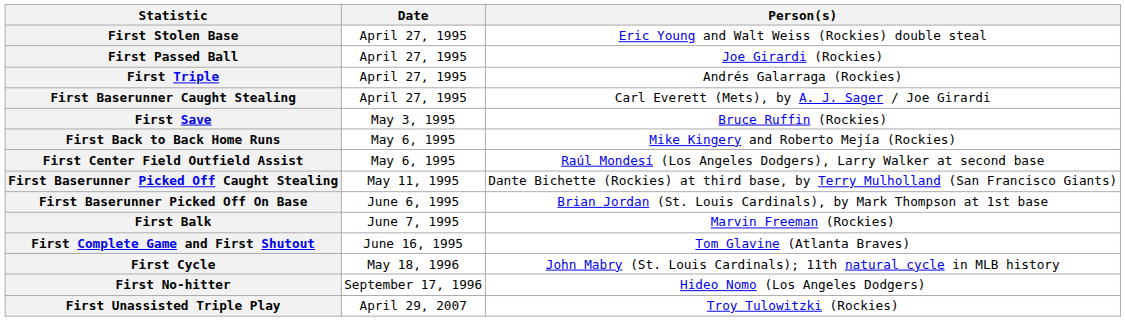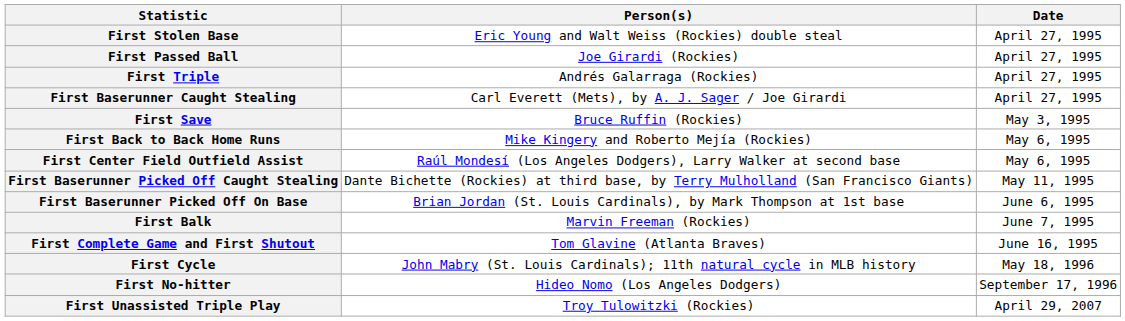 <table class="wikitable" align=center style="margin-left:15px; text-align:center; background:#ffffff;">
 <tr>
 <th>Statistic</th>
+<th>Person(s)</th>
 <th>Date</th>
-<th>Person(s)</th>
 </tr>
 <tr>
 <th>First Stolen Base</th>
+<td><a href='#'>Eric Young</a> and Walt Weiss (Rockies) double steal</td>
 <td>April 27, 1995</td>
-<td><a href='#'>Eric Young</a> and Walt Weiss (Rockies) double steal</td>
 </tr>
 <tr>
 <th>First Passed Ball</th>
+<td><a href='#'>Joe Girardi</a> (Rockies)</td>
 <td>April 27, 1995</td>
-<td><a href='#'>Joe Girardi</a> (Rockies)</td>
 </tr>
 <tr>
 <th>First <a href='#'><span>Triple</span></a></th>
+<td>Andrés Galarraga (Rockies)</td>
 <td>April 27, 1995</td>
-<td>Andrés Galarraga (Rockies)</td>
 </tr>
 <tr>
 <th>First Baserunner Caught Stealing</th>
+<td>Carl Everett (Mets), by <a href='#'>A. J. Sager</a> / Joe Girardi</td>
 <td>April 27, 1995</td>
-<td>Carl Everett (Mets), by <a href='#'>A. J. Sager</a> / Joe Girardi</td>
 </tr>
 <tr>
 <th>First <a href='#'>Save</a></th>
+<td><a href='#'>Bruce Ruffin</a> (Rockies)</td>
 <td>May 3, 1995</td>
-<td><a href='#'>Bruce Ruffin</a> (Rockies)</td>
 </tr>
 <tr>
 <th>First Back to Back Home Runs</th>
+<td><a href='#'>Mike Kingery</a> and Roberto Mejía (Rockies)</td>
 <td>May 6, 1995</td>
-<td><a href='#'>Mike Kingery</a> and Roberto Mejía (Rockies)</td>
 </tr>
 <tr>
 <th>First Center Field Outfield Assist</th>
+<td><a href='#'>Raúl Mondesí</a> (Los Angeles Dodgers), Larry Walker at second base</td>
 <td>May 6, 1995</td>
-<td><a href='#'>Raúl Mondesí</a> (Los Angeles Dodgers), Larry Walker at second base</td>
 </tr>
 <tr>
 <th>First Baserunner <a href='#'><span>Picked Off</span></a> Caught Stealing</th>
+<td>Dante Bichette (Rockies) at third base, by <a href='#'>Terry Mulholland</a> (San Francisco Giants)</td>
 <td>May 11, 1995</td>
-<td>Dante Bichette (Rockies) at third base, by <a href='#'>Terry Mulholland</a> (San Francisco Giants)</td>
 </tr>
 <tr>
 <th>First Baserunner Picked Off On Base</th>
+<td><a href='#'>Brian Jordan</a> (St. Louis Cardinals), by Mark Thompson at 1st base</td>
 <td>June 6, 1995</td>
-<td><a href='#'>Brian Jordan</a> (St. Louis Cardinals), by Mark Thompson at 1st base</td>
 </tr>
 <tr>
 <th>First Balk</th>
+<td><a href='#'>Marvin Freeman</a> (Rockies)</td>
 <td>June 7, 1995</td>
-<td><a href='#'>Marvin Freeman</a> (Rockies)</td>
 </tr>
 <tr>
 <th>First <a href='#'><span>Complete Game</span></a> and First <a href='#'><span>Shutout</span></a></th>
+<td><a href='#'>Tom Glavine</a> (Atlanta Braves)</td>
 <td>June 16, 1995</td>
-<td><a href='#'>Tom Glavine</a> (Atlanta Braves)</td>
 </tr>
 <tr>
 <th>First Cycle</th>
+<td><a href='#'>John Mabry</a> (St. Louis Cardinals); 11th <a href='#'>natural cycle</a> in MLB history</td>
 <td>May 18, 1996</td>
-<td><a href='#'>John Mabry</a> (St. Louis Cardinals); 11th <a href='#'>natural cycle</a> in MLB history</td>
 </tr>
 <tr>
 <th>First No-hitter</th>
+<td><a href='#'>Hideo Nomo</a> (Los Angeles Dodgers)</td>
 <td>September 17, 1996</td>
-<td><a href='#'>Hideo Nomo</a> (Los Angeles Dodgers)</td>
 </tr>
 <tr>
 <th>First Unassisted Triple Play</th>
+<td><a href='#'>Troy Tulowitzki</a> (Rockies)</td>
 <td>April 29, 2007</td>
-<td><a href='#'>Troy Tulowitzki</a> (Rockies)</td>
 </tr>
 </table>
